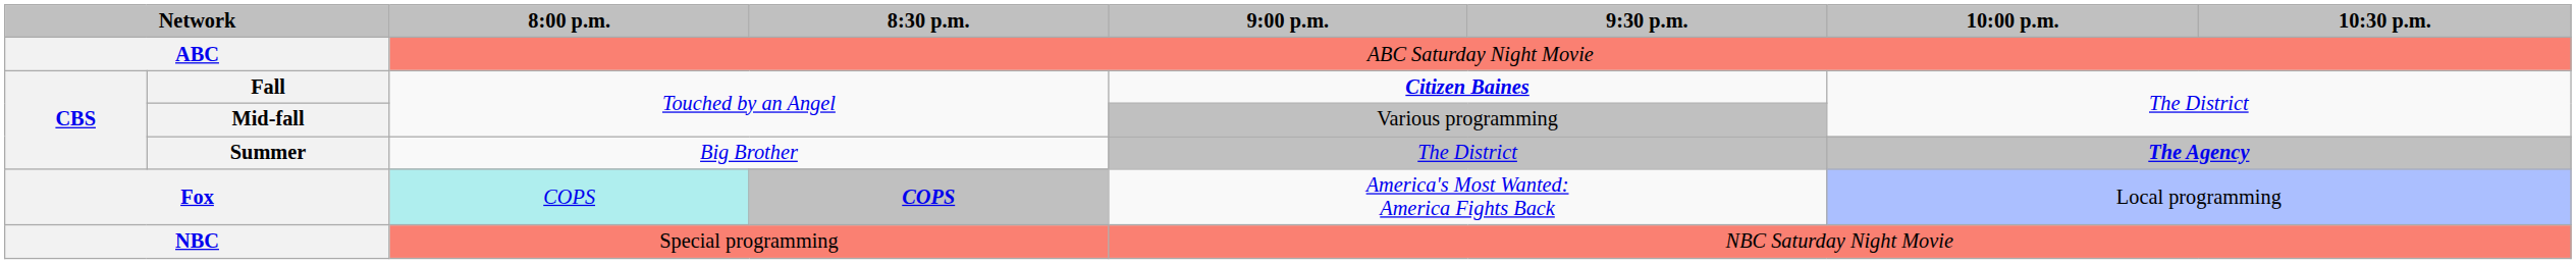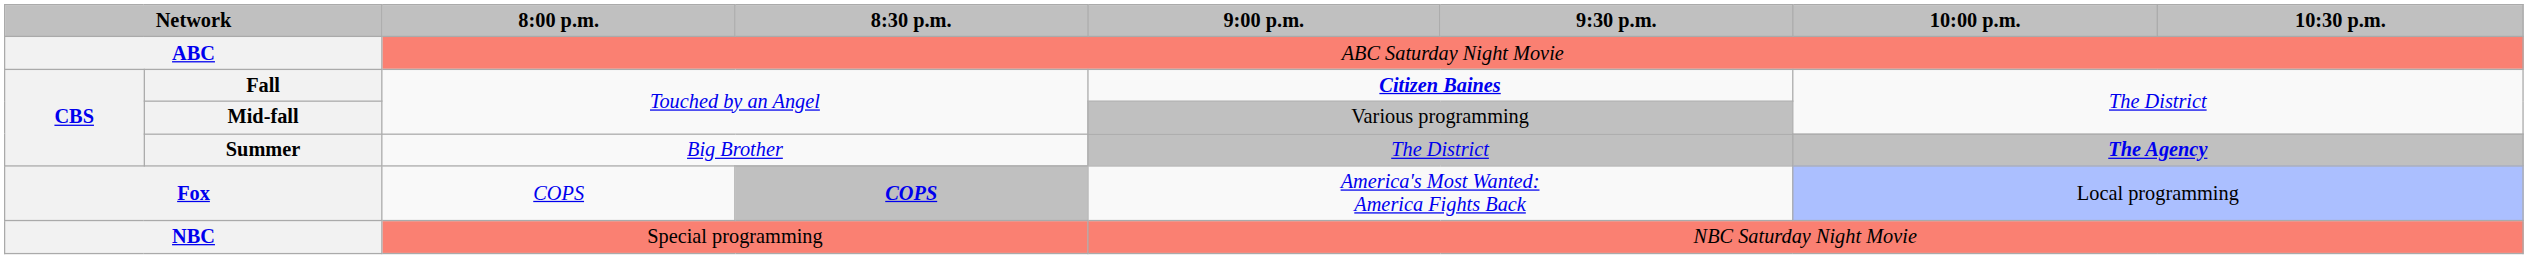 <table class="wikitable" style="width:100%;margin-right:0;text-align:center">
 <tr>
 <th colspan="2" style="background-color:#C0C0C0;text-align:center;width:15%;">Network</th>
 <th style="background-color:#C0C0C0;text-align:center;width:14%;">8:00 p.m.</th>
 <th style="background-color:#C0C0C0;text-align:center;width:14%;">8:30 p.m.</th>
 <th style="background-color:#C0C0C0;text-align:center;width:14%;">9:00 p.m.</th>
 <th style="background-color:#C0C0C0;text-align:center;width:14%;">9:30 p.m.</th>
 <th style="background-color:#C0C0C0;text-align:center">10:00 p.m.</th>
 <th style="background-color:#C0C0C0;text-align:center">10:30 p.m.</th>
 </tr>
 <tr>
 <th colspan="2"><a href='#'>ABC</a></th>
 <td colspan="6" style="background:#FA8072;"><em>ABC Saturday Night Movie</em></td>
 </tr>
 <tr>
 <th rowspan="3"><a href='#'>CBS</a></th>
 <th>Fall</th>
 <td colspan="2" rowspan="2"><em><a href='#'>Touched by an Angel</a></em></td>
 <td colspan="2"><strong><em><a href='#'>Citizen Baines</a></em></strong></td>
 <td colspan="2" rowspan="2"><em><a href='#'>The District</a></em></td>
 </tr>
 <tr>
 <th>Mid-fall</th>
 <td colspan="2" style="background:#C0C0C0;">Various programming</td>
 </tr>
 <tr>
 <th>Summer</th>
 <td colspan="2"><em><a href='#'>Big Brother</a></em></td>
 <td colspan="2" style="background:#C0C0C0;"><em><a href='#'>The District</a></em> </td>
 <td colspan="2" style="background:#C0C0C0;"><strong><em><a href='#'>The Agency</a></em></strong> </td>
 </tr>
 <tr>
 <th colspan="2"><a href='#'>Fox</a></th>
-<td style="background: paleturquoise;"><em><a href='#'>COPS</a></em></td>
+<td><em><a href='#'>COPS</a></em></td>
 <td style="background:#C0C0C0;"><strong><em><a href='#'>COPS</a></em> </strong></td>
 <td colspan="2"><em><a href='#'>America's Most Wanted:<br>America Fights Back</a></em></td>
 <td style="background:#abbfff;" colspan="2">Local programming</td>
 </tr>
 <tr>
 <th colspan="2"><a href='#'>NBC</a></th>
 <td colspan="2" style="background:#FA8072;">Special programming</td>
 <td colspan="4" style="background:#FA8072;"><em>NBC Saturday Night Movie</em></td>
 </tr>
 </table>
